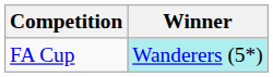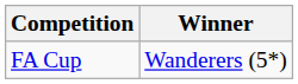 <table class="wikitable">
 <tr>
 <th>Competition</th>
 <th>Winner</th>
 </tr>
 <tr>
 <td><a href='#'>FA Cup</a></td>
-<td style="background: paleturquoise;"><a href='#'>Wanderers</a> (5*)</td>
+<td><a href='#'>Wanderers</a> (5*)</td>
 </tr>
 </table>
